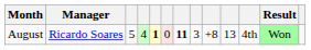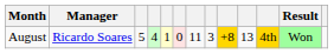 <table class="wikitable sortable" style="text-align:center; font-size:95%;">
 <tr>
 <th>Month</th>
 <th class="unsortable">Manager</th>
 <th></th>
 <th></th>
 <th></th>
 <th></th>
 <th></th>
 <th></th>
 <th></th>
 <th></th>
 <th></th>
 <th>Result</th>
 <th class="unsortable"></th>
 </tr>
 <tr>
 <td data-sort-value="1">August</td>
 <td rowspan="5" style="text-align:left;"> <a href='#'>Ricardo Soares</a></td>
 <td>5</td>
 <td style="background:#ccffcc;">4</td>
-<td style="background:#ffffcc;"><strong>1</strong></td>
+<td style="background:#ffffcc;">1</td>
 <td style="background:#ffe3e3;">0</td>
-<td><strong>11</strong></td>
+<td>11</td>
 <td>3</td>
-<td>+8</td>
+<td style="background: gold;">+8</td>
 <td>13</td>
-<td>4th</td>
+<td style="background: gold;">4th</td>
 <td style="background:#9eff9e;">Won</td>
 <td></td>
 </tr>
 </table>
